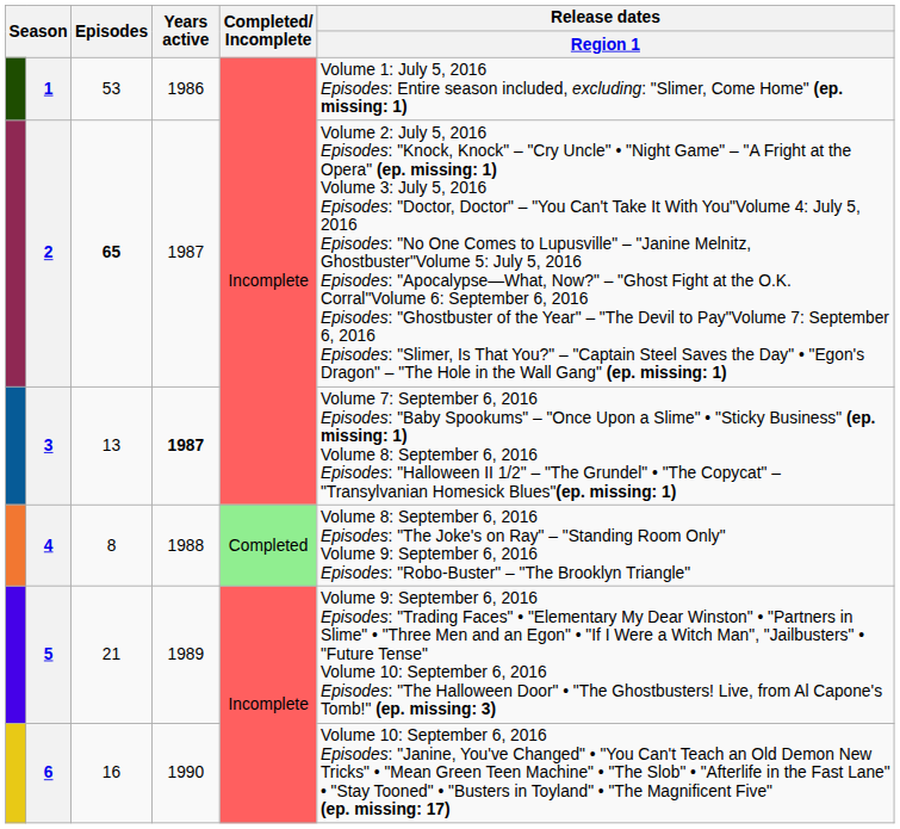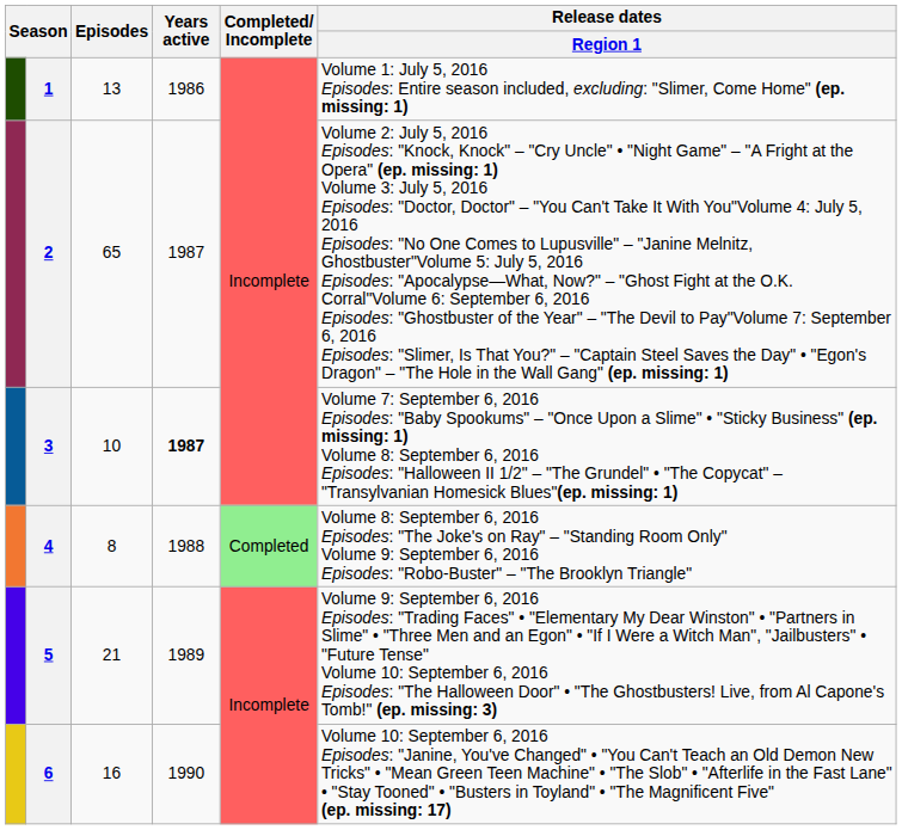 <table class="wikitable">
 <tr>
 <th colspan=2 rowspan=2>Season</th>
 <th rowspan=2>Episodes</th>
 <th rowspan=2>Years active</th>
 <th rowspan=2>Completed/<br>Incomplete</th>
 <th>Release dates</th>
 </tr>
 <tr>
 <th><a href='#'>Region 1</a></th>
 </tr>
 <tr>
 <th style="background:#1E4D00"></th>
 <th><strong><a href='#'>1</a></strong></th>
-<td style="text-align: center">53</td>
+<td style="text-align: center">13</td>
 <td style="text-align: center">1986</td>
 <td rowspan=3 style="background:#ff5f5f; text-align: center">Incomplete</td>
 <td>Volume 1: July 5, 2016<br><em>Episodes</em>: Entire season included, <em>excluding</em>: "Slimer, Come Home" <strong>(ep. missing: 1)</strong></td>
 </tr>
 <tr>
 <th style="background:#8F2853"></th>
 <th><strong><a href='#'>2</a></strong></th>
-<td style="text-align: center"><strong>65</strong></td>
+<td style="text-align: center">65</td>
 <td style="text-align: center">1987</td>
 <td>Volume 2: July 5, 2016<br><em>Episodes</em>: "Knock, Knock" – "Cry Uncle" • "Night Game" – "A Fright at the Opera" <strong>(ep. missing: 1)</strong><br>Volume 3: July 5, 2016<br><em>Episodes</em>: "Doctor, Doctor" – "You Can't Take It With You"Volume 4: July 5, 2016<br><em>Episodes</em>: "No One Comes to Lupusville" – "Janine Melnitz, Ghostbuster"Volume 5: July 5, 2016<br><em>Episodes</em>: "Apocalypse—What, Now?" – "Ghost Fight at the O.K. Corral"Volume 6: September 6, 2016<br><em>Episodes</em>: "Ghostbuster of the Year" – "The Devil to Pay"Volume 7: September 6, 2016<br><em>Episodes</em>: "Slimer, Is That You?" – "Captain Steel Saves the Day" • "Egon's Dragon" – "The Hole in the Wall Gang" <strong>(ep. missing: 1)</strong></td>
 </tr>
 <tr>
 <th style="background:#065B97"></th>
 <th><strong><a href='#'>3</a></strong></th>
-<td style="text-align: center">13</td>
+<td style="text-align: center">10</td>
 <td style="text-align: center"><strong>1987</strong></td>
 <td>Volume 7: September 6, 2016<br><em>Episodes</em>: "Baby Spookums" – "Once Upon a Slime" • "Sticky Business" <strong>(ep. missing: 1)</strong><br>Volume 8: September 6, 2016<br><em>Episodes</em>: "Halloween II 1/2" – "The Grundel" • "The Copycat" – "Transylvanian Homesick Blues"<strong>(ep. missing: 1)</strong></td>
 </tr>
 <tr>
 <th style="background:#F27731"></th>
 <th><strong><a href='#'>4</a></strong></th>
 <td style="text-align: center">8</td>
 <td style="text-align: center">1988</td>
 <td style="background:lightgreen; text-align: center">Completed</td>
 <td>Volume 8: September 6, 2016<br><em>Episodes</em>: "The Joke's on Ray" – "Standing Room Only"<br>Volume 9: September 6, 2016<br><em>Episodes</em>: "Robo-Buster" – "The Brooklyn Triangle"</td>
 </tr>
 <tr>
 <th style="background:#4501E8"></th>
 <th><strong><a href='#'>5</a></strong></th>
 <td style="text-align: center">21</td>
 <td style="text-align: center">1989</td>
 <td rowspan=2 style="background:#ff5f5f; text-align: center">Incomplete</td>
 <td>Volume 9: September 6, 2016<br><em>Episodes</em>: "Trading Faces" • "Elementary My Dear Winston" • "Partners in Slime" • "Three Men and an Egon" • "If I Were a Witch Man", "Jailbusters" • "Future Tense"<br>Volume 10: September 6, 2016<br><em>Episodes</em>: "The Halloween Door" • "The Ghostbusters! Live, from Al Capone's Tomb!" <strong>(ep. missing: 3)</strong></td>
 </tr>
 <tr>
 <th style="background:#E8C916"></th>
 <th><strong><a href='#'>6</a></strong></th>
 <td style="text-align: center">16</td>
 <td style="text-align: center">1990</td>
 <td>Volume 10: September 6, 2016<br><em>Episodes</em>: "Janine, You've Changed" • "You Can't Teach an Old Demon New Tricks" • "Mean Green Teen Machine" • "The Slob" • "Afterlife in the Fast Lane" • "Stay Tooned" • "Busters in Toyland" • "The Magnificent Five"<br> <strong>(ep. missing: 17)</strong></td>
 </tr>
 </table>
